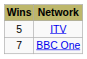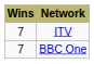 <table class="wikitable" style="text-align:center;">
 <tr>
 <th style="background:#BDB76B;">Wins</th>
 <th style="background:#BDB76B;">Network</th>
 </tr>
 <tr>
-<td>5</td>
+<td>7</td>
 <td><a href='#'>ITV</a></td>
 </tr>
 <tr>
 <td>7</td>
 <td><a href='#'>BBC One</a></td>
 </tr>
 </table>
